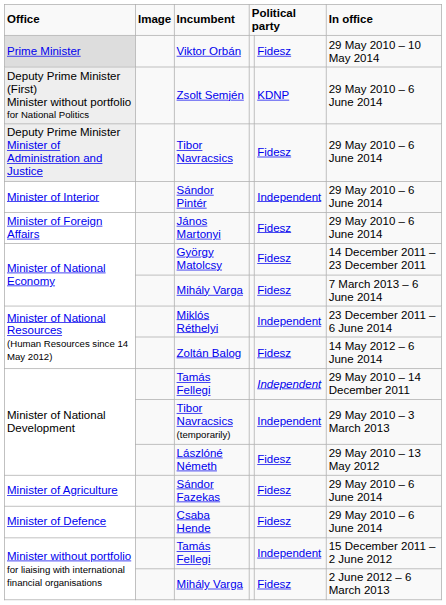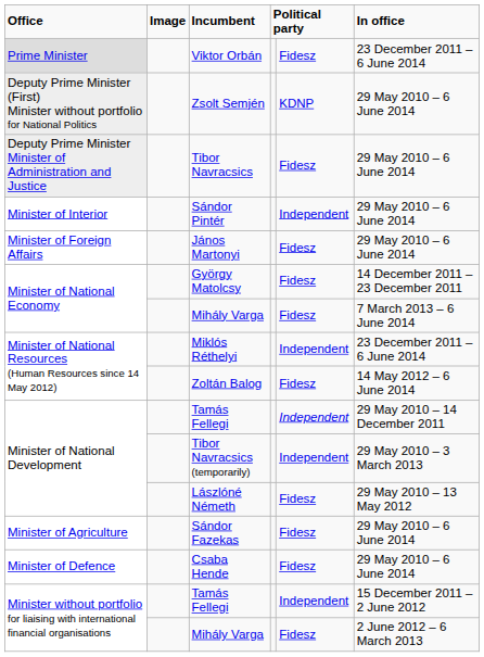 <table class="wikitable">
 <tr>
 <td><strong>Office</strong></td>
 <td><strong>Image</strong></td>
 <td><strong>Incumbent</strong></td>
 <td colspan="2"><strong>Political party</strong></td>
 <td><strong>In office</strong></td>
 </tr>
 <tr>
 <td style="background:#ddd;"><a href='#'>Prime Minister</a></td>
 <td></td>
 <td><a href='#'>Viktor Orbán</a></td>
 <td style="color:inherit;background-color: "></td>
 <td><a href='#'>Fidesz</a></td>
-<td>29 May 2010 – 10 May 2014</td>
+<td>23 December 2011 – 6 June 2014</td>
 </tr>
 <tr>
 <td style="background:#eee;">Deputy Prime Minister (First)<br>Minister without portfolio <small>for National Politics</small></td>
 <td></td>
 <td><a href='#'>Zsolt Semjén</a></td>
 <td style="color:inherit;background-color: "></td>
 <td><a href='#'>KDNP</a></td>
 <td>29 May 2010 – 6 June 2014</td>
 </tr>
 <tr>
 <td style="background:#eee;">Deputy Prime Minister<br><a href='#'>Minister of Administration and Justice</a></td>
 <td></td>
 <td><a href='#'>Tibor Navracsics</a></td>
 <td style="color:inherit;background-color: "></td>
 <td><a href='#'>Fidesz</a></td>
 <td>29 May 2010 – 6 June 2014</td>
 </tr>
 <tr>
 <td style="background:#fff;"><a href='#'>Minister of Interior</a></td>
 <td></td>
 <td><a href='#'>Sándor Pintér</a></td>
 <td style="color:inherit;background-color: "></td>
 <td><a href='#'>Independent</a></td>
 <td>29 May 2010 – 6 June 2014</td>
 </tr>
 <tr>
 <td style="background:#fff;"><a href='#'>Minister of Foreign Affairs</a></td>
 <td></td>
 <td><a href='#'>János Martonyi</a></td>
 <td style="color:inherit;background-color: "></td>
 <td><a href='#'>Fidesz</a></td>
 <td>29 May 2010 – 6 June 2014</td>
 </tr>
 <tr>
 <td rowspan="2" style="background:#fff;"><a href='#'>Minister of National Economy</a></td>
 <td></td>
 <td><a href='#'>György Matolcsy</a></td>
 <td style="color:inherit;background-color: "></td>
 <td><a href='#'>Fidesz</a></td>
 <td>14 December 2011 – 23 December 2011</td>
 </tr>
 <tr>
 <td></td>
 <td><a href='#'>Mihály Varga</a></td>
 <td style="color:inherit;background-color: "></td>
 <td><a href='#'>Fidesz</a></td>
 <td>7 March 2013 – 6 June 2014</td>
 </tr>
 <tr>
 <td rowspan="2" style="background:#fff;"><a href='#'>Minister of National Resources</a><br><small>(Human Resources since 14 May 2012)</small></td>
 <td></td>
 <td><a href='#'>Miklós Réthelyi</a></td>
 <td style="color:inherit;background-color: "></td>
 <td><a href='#'>Independent</a></td>
 <td>23 December 2011 – 6 June 2014</td>
 </tr>
 <tr>
 <td></td>
 <td><a href='#'>Zoltán Balog</a></td>
 <td style="color:inherit;background-color: "></td>
 <td><a href='#'>Fidesz</a></td>
 <td>14 May 2012 – 6 June 2014</td>
 </tr>
 <tr>
 <td rowspan="3" style="background:#fff;">Minister of National Development</td>
 <td></td>
 <td><a href='#'>Tamás Fellegi</a></td>
 <td style="color:inherit;background-color: "></td>
 <td><em><a href='#'>Independent</a></em></td>
 <td>29 May 2010 – 14 December 2011</td>
 </tr>
 <tr>
 <td></td>
 <td><a href='#'>Tibor Navracsics</a><br><small>(temporarily)</small></td>
 <td style="color:inherit;background-color: "></td>
 <td><a href='#'>Independent</a></td>
 <td>29 May 2010 – 3 March 2013</td>
 </tr>
 <tr>
 <td></td>
 <td><a href='#'>Lászlóné Németh</a></td>
 <td style="color:inherit;background-color: "></td>
 <td><a href='#'>Fidesz</a></td>
 <td>29 May 2010 – 13 May 2012</td>
 </tr>
 <tr>
 <td style="background:#fff;"><a href='#'>Minister of Agriculture</a></td>
 <td></td>
 <td><a href='#'>Sándor Fazekas</a></td>
 <td style="color:inherit;background-color: "></td>
 <td><a href='#'>Fidesz</a></td>
 <td>29 May 2010 – 6 June 2014</td>
 </tr>
 <tr>
 <td style="background:#fff;"><a href='#'>Minister of Defence</a></td>
 <td></td>
 <td><a href='#'>Csaba Hende</a></td>
 <td style="color:inherit;background-color: "></td>
 <td><a href='#'>Fidesz</a></td>
 <td>29 May 2010 – 6 June 2014</td>
 </tr>
 <tr>
 <td rowspan="2" style="background:#fff;"><a href='#'>Minister without portfolio</a><br><small>for liaising with international financial organisations</small></td>
 <td></td>
 <td><a href='#'>Tamás Fellegi</a></td>
 <td style="color:inherit;background-color: "></td>
 <td><a href='#'>Independent</a></td>
 <td>15 December 2011 – 2 June 2012</td>
 </tr>
 <tr>
 <td></td>
 <td><a href='#'>Mihály Varga</a></td>
 <td style="color:inherit;background-color: "></td>
 <td><a href='#'>Fidesz</a></td>
 <td>2 June 2012 – 6 March 2013</td>
 </tr>
 </table>
